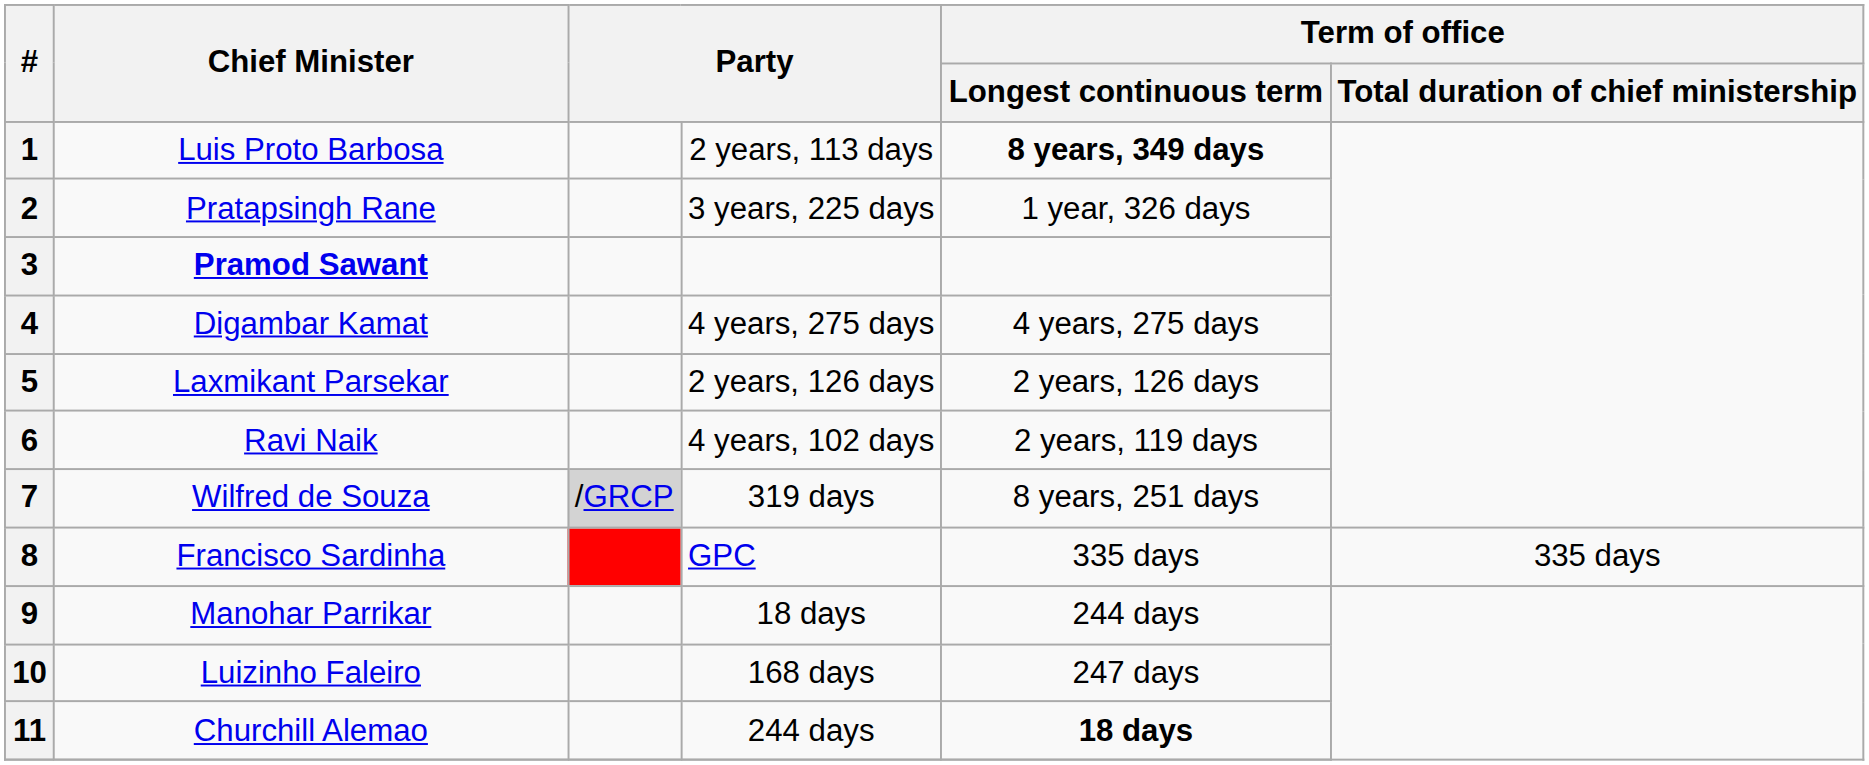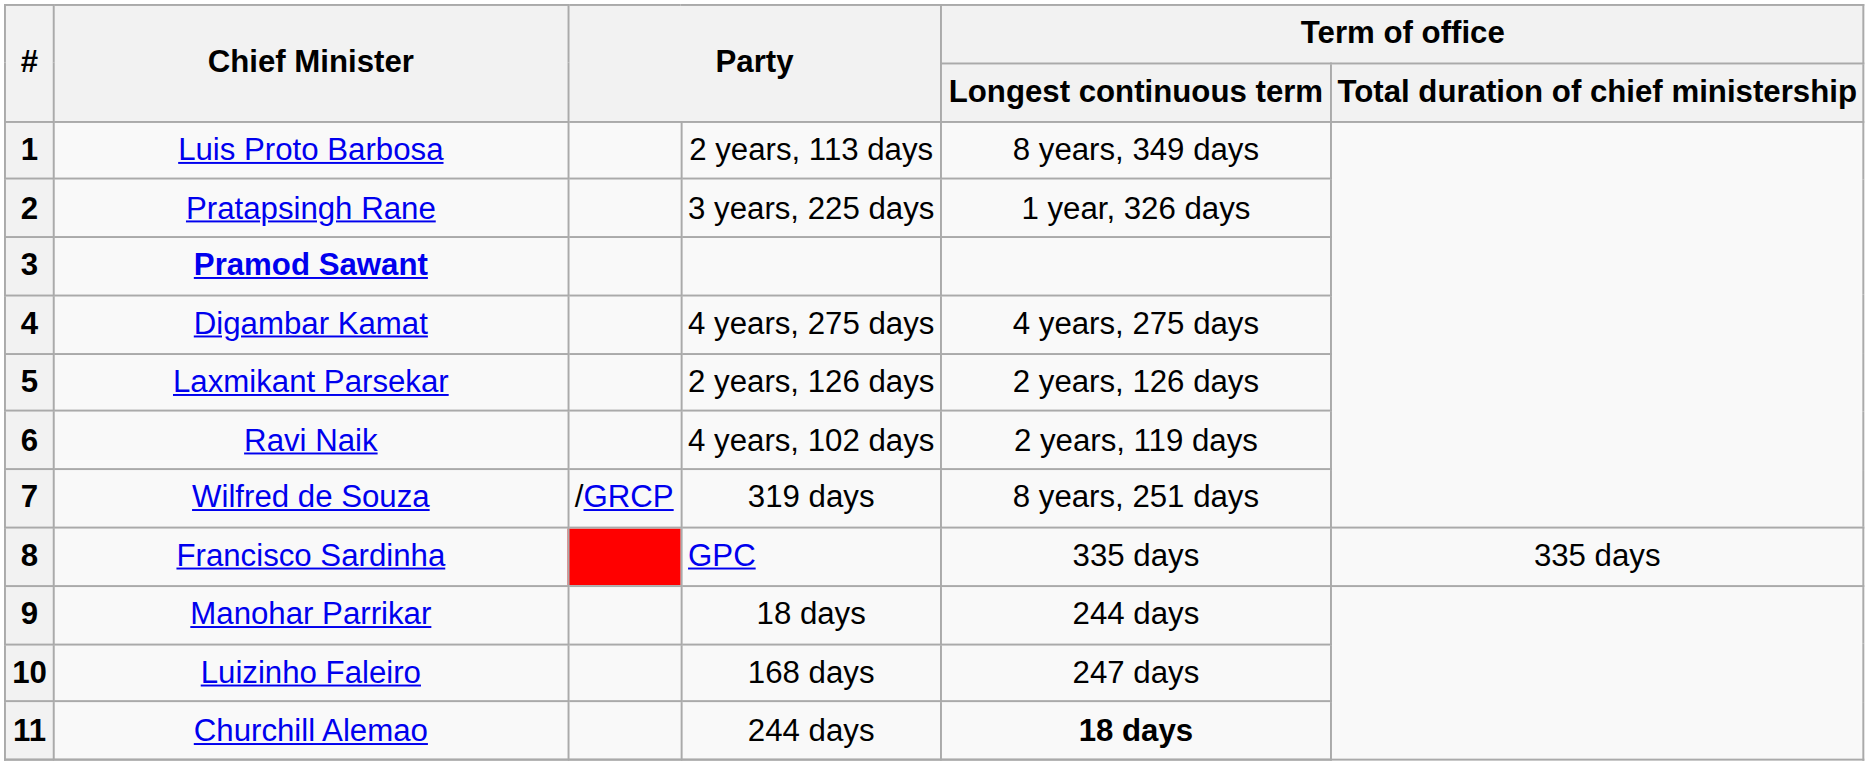 <table class="wikitable sortable" style="line-height:1.4em; text-align:center">
 <tr>
 <th data-sort-type=number rowspan = "2">#</th>
 <th rowspan="2" style="width:16em">Chief Minister</th>
 <th rowspan="2" colspan=2 style="width:8em">Party</th>
 <th colspan="2">Term of office</th>
 </tr>
 <tr>
 <th>Longest continuous term</th>
 <th>Total duration of chief ministership</th>
 </tr>
 <tr>
 <th data-sort-value="1">1</th>
 <td><a href='#'>Luis Proto Barbosa</a></td>
 <td></td>
 <td>2 years, 113 days</td>
-<td><strong>8 years, 349 days</strong></td>
+<td>8 years, 349 days</td>
 </tr>
 <tr>
 <th data-sort-value="2">2</th>
 <td><a href='#'>Pratapsingh Rane</a></td>
 <td></td>
 <td>3 years, 225 days</td>
 <td>1 year, 326 days</td>
 </tr>
 <tr>
 <th data-sort-value="3">3</th>
 <td><strong><a href='#'>Pramod Sawant</a></strong></td>
 <td></td>
 <td><strong></strong></td>
 <td><strong></strong></td>
 </tr>
 <tr>
 <th data-sort-value="4">4</th>
 <td><a href='#'>Digambar Kamat</a></td>
 <td></td>
 <td>4 years, 275 days</td>
 <td>4 years, 275 days</td>
 </tr>
 <tr>
 <th data-sort-value="5">5</th>
 <td><a href='#'>Laxmikant Parsekar</a></td>
 <td></td>
 <td>2 years, 126 days</td>
 <td>2 years, 126 days</td>
 </tr>
 <tr>
 <th data-sort-value="6">6</th>
 <td><a href='#'>Ravi Naik</a></td>
 <td></td>
 <td>4 years, 102 days</td>
 <td>2 years, 119 days</td>
 </tr>
 <tr>
 <th data-sort-value="7">7</th>
 <td><a href='#'>Wilfred de Souza</a></td>
-<td style="background: lightgrey;">/<a href='#'>GRCP</a></td>
+<td>/<a href='#'>GRCP</a></td>
 <td>319 days</td>
 <td>8 years, 251 days</td>
 </tr>
 <tr>
 <th data-sort-value="8">8</th>
 <td><a href='#'>Francisco Sardinha</a></td>
 <td style="background-color: red;"></td>
 <td style="text-align:left;"><a href='#'>GPC</a></td>
 <td>335 days</td>
 <td>335 days</td>
 </tr>
 <tr>
 <th data-sort-value="9">9</th>
 <td><a href='#'>Manohar Parrikar</a></td>
 <td></td>
 <td>18 days</td>
 <td>244 days</td>
 </tr>
 <tr>
 <th data-sort-value="10">10</th>
 <td><a href='#'>Luizinho Faleiro</a></td>
 <td></td>
 <td>168 days</td>
 <td>247 days</td>
 </tr>
 <tr>
 <th data-sort-value="11">11</th>
 <td><a href='#'>Churchill Alemao</a></td>
 <td></td>
 <td>244 days</td>
 <td><strong>18 days</strong></td>
 </tr>
 <tr>
 </tr>
 </table>
